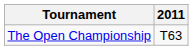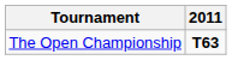 <table class="wikitable" style="font-size:95%;text-align:center;">
 <tr>
 <th>Tournament</th>
 <th>2011</th>
 </tr>
 <tr>
 <td align=left><a href='#'>The Open Championship</a></td>
-<td>T63</td>
+<td><strong>T63</strong></td>
 </tr>
 </table>
